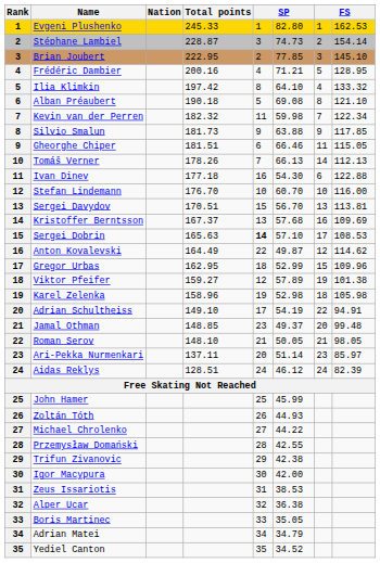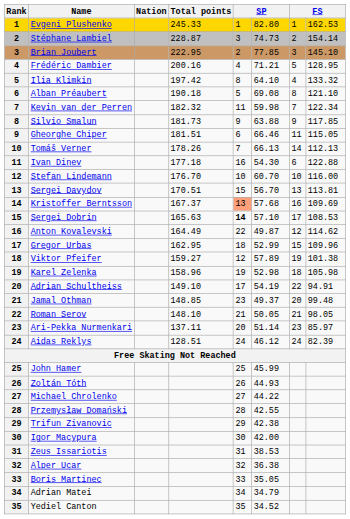 <table class="wikitable">
 <tr>
 <th>Rank</th>
 <th>Name</th>
 <th>Nation</th>
 <th>Total points</th>
 <th colspan="2" width="80px"><a href='#'>SP</a></th>
 <th colspan="2" width="80px"><a href='#'>FS</a></th>
 </tr>
 <tr bgcolor="gold">
 <td align="center"><strong>1</strong></td>
 <td><a href='#'>Evgeni Plushenko</a></td>
 <td></td>
 <td>245.33</td>
 <td>1</td>
 <td>82.80</td>
 <td>1</td>
 <td>162.53</td>
 </tr>
 <tr bgcolor="silver">
 <td align="center"><strong>2</strong></td>
 <td><a href='#'>Stéphane Lambiel</a></td>
 <td></td>
 <td>228.87</td>
 <td>3</td>
 <td>74.73</td>
 <td>2</td>
 <td>154.14</td>
 </tr>
 <tr bgcolor="cc9966">
 <td align="center"><strong>3</strong></td>
 <td><a href='#'>Brian Joubert</a></td>
 <td></td>
 <td>222.95</td>
 <td>2</td>
 <td>77.85</td>
 <td>3</td>
 <td>145.10</td>
 </tr>
 <tr>
 <th>4</th>
 <td><a href='#'>Frédéric Dambier</a></td>
 <td></td>
 <td>200.16</td>
 <td>4</td>
 <td>71.21</td>
 <td>5</td>
 <td>128.95</td>
 </tr>
 <tr>
 <th>5</th>
 <td><a href='#'>Ilia Klimkin</a></td>
 <td></td>
 <td>197.42</td>
 <td>8</td>
 <td>64.10</td>
 <td>4</td>
 <td>133.32</td>
 </tr>
 <tr>
 <th>6</th>
 <td><a href='#'>Alban Préaubert</a></td>
 <td></td>
 <td>190.18</td>
 <td>5</td>
 <td>69.08</td>
 <td>8</td>
 <td>121.10</td>
 </tr>
 <tr>
 <th>7</th>
 <td><a href='#'>Kevin van der Perren</a></td>
 <td></td>
 <td>182.32</td>
 <td>11</td>
 <td>59.98</td>
 <td>7</td>
 <td>122.34</td>
 </tr>
 <tr>
 <th>8</th>
 <td><a href='#'>Silvio Smalun</a></td>
 <td></td>
 <td>181.73</td>
 <td>9</td>
 <td>63.88</td>
 <td>9</td>
 <td>117.85</td>
 </tr>
 <tr>
 <th>9</th>
 <td><a href='#'>Gheorghe Chiper</a></td>
 <td></td>
 <td>181.51</td>
 <td>6</td>
 <td>66.46</td>
 <td>11</td>
 <td>115.05</td>
 </tr>
 <tr>
 <th>10</th>
 <td><a href='#'>Tomáš Verner</a></td>
 <td></td>
 <td>178.26</td>
 <td>7</td>
 <td>66.13</td>
 <td>14</td>
 <td>112.13</td>
 </tr>
 <tr>
 <th>11</th>
 <td><a href='#'>Ivan Dinev</a></td>
 <td></td>
 <td>177.18</td>
 <td>16</td>
 <td>54.30</td>
 <td>6</td>
 <td>122.88</td>
 </tr>
 <tr>
 <th>12</th>
 <td><a href='#'>Stefan Lindemann</a></td>
 <td></td>
 <td>176.70</td>
 <td>10</td>
 <td>60.70</td>
 <td>10</td>
 <td>116.00</td>
 </tr>
 <tr>
 <th>13</th>
 <td><a href='#'>Sergei Davydov</a></td>
 <td></td>
 <td>170.51</td>
 <td>15</td>
 <td>56.70</td>
 <td>13</td>
 <td>113.81</td>
 </tr>
 <tr>
 <th>14</th>
 <td><a href='#'>Kristoffer Berntsson</a></td>
 <td></td>
 <td>167.37</td>
-<td>13</td>
+<td style="background: lightsalmon;">13</td>
 <td>57.68</td>
 <td>16</td>
 <td>109.69</td>
 </tr>
 <tr>
 <th>15</th>
 <td><a href='#'>Sergei Dobrin</a></td>
 <td></td>
 <td>165.63</td>
 <td><strong>14</strong></td>
 <td>57.10</td>
 <td>17</td>
 <td>108.53</td>
 </tr>
 <tr>
 <th>16</th>
 <td><a href='#'>Anton Kovalevski</a></td>
 <td></td>
 <td>164.49</td>
 <td>22</td>
 <td>49.87</td>
 <td>12</td>
 <td>114.62</td>
 </tr>
 <tr>
 <th>17</th>
 <td><a href='#'>Gregor Urbas</a></td>
 <td></td>
 <td>162.95</td>
 <td>18</td>
 <td>52.99</td>
 <td>15</td>
 <td>109.96</td>
 </tr>
 <tr>
 <th>18</th>
 <td><a href='#'>Viktor Pfeifer</a></td>
 <td></td>
 <td>159.27</td>
 <td>12</td>
 <td>57.89</td>
 <td>19</td>
 <td>101.38</td>
 </tr>
 <tr>
 <th>19</th>
 <td><a href='#'>Karel Zelenka</a></td>
 <td></td>
 <td>158.96</td>
 <td>19</td>
 <td>52.98</td>
 <td>18</td>
 <td>105.98</td>
 </tr>
 <tr>
 <th>20</th>
 <td><a href='#'>Adrian Schultheiss</a></td>
 <td></td>
 <td>149.10</td>
 <td>17</td>
 <td>54.19</td>
 <td>22</td>
 <td>94.91</td>
 </tr>
 <tr>
 <th>21</th>
 <td><a href='#'>Jamal Othman</a></td>
 <td></td>
 <td>148.85</td>
 <td>23</td>
 <td>49.37</td>
 <td>20</td>
 <td>99.48</td>
 </tr>
 <tr>
 <th>22</th>
 <td><a href='#'>Roman Serov</a></td>
 <td></td>
 <td>148.10</td>
 <td>21</td>
 <td>50.05</td>
 <td>21</td>
 <td>98.05</td>
 </tr>
 <tr>
 <th>23</th>
 <td><a href='#'>Ari-Pekka Nurmenkari</a></td>
 <td></td>
 <td>137.11</td>
 <td>20</td>
 <td>51.14</td>
 <td>23</td>
 <td>85.97</td>
 </tr>
 <tr>
 <th>24</th>
 <td><a href='#'>Aidas Reklys</a></td>
 <td></td>
 <td>128.51</td>
 <td>24</td>
 <td>46.12</td>
 <td>24</td>
 <td>82.39</td>
 </tr>
 <tr>
 <th colspan=8>Free Skating Not Reached</th>
 </tr>
 <tr>
 <th>25</th>
 <td><a href='#'>John Hamer</a></td>
 <td></td>
 <td></td>
 <td>25</td>
 <td>45.99</td>
 <td></td>
 <td></td>
 </tr>
 <tr>
 <th>26</th>
 <td><a href='#'>Zoltán Tóth</a></td>
 <td></td>
 <td></td>
 <td>26</td>
 <td>44.93</td>
 <td></td>
 <td></td>
 </tr>
 <tr>
 <th>27</th>
 <td><a href='#'>Michael Chrolenko</a></td>
 <td></td>
 <td></td>
 <td>27</td>
 <td>44.22</td>
 <td></td>
 <td></td>
 </tr>
 <tr>
 <th>28</th>
 <td><a href='#'>Przemysław Domański</a></td>
 <td></td>
 <td></td>
 <td>28</td>
 <td>42.55</td>
 <td></td>
 <td></td>
 </tr>
 <tr>
 <th>29</th>
 <td><a href='#'>Trifun Zivanovic</a></td>
 <td></td>
 <td></td>
 <td>29</td>
 <td>42.38</td>
 <td></td>
 <td></td>
 </tr>
 <tr>
 <th>30</th>
 <td><a href='#'>Igor Macypura</a></td>
 <td></td>
 <td></td>
 <td>30</td>
 <td>42.00</td>
 <td></td>
 <td></td>
 </tr>
 <tr>
 <th>31</th>
 <td><a href='#'>Zeus Issariotis</a></td>
 <td></td>
 <td></td>
 <td>31</td>
 <td>38.53</td>
 <td></td>
 <td></td>
 </tr>
 <tr>
 <th>32</th>
 <td><a href='#'>Alper Uçar</a></td>
 <td></td>
 <td></td>
 <td>32</td>
 <td>36.38</td>
 <td></td>
 <td></td>
 </tr>
 <tr>
 <th>33</th>
 <td><a href='#'>Boris Martinec</a></td>
 <td></td>
 <td></td>
 <td>33</td>
 <td>35.05</td>
 <td></td>
 <td></td>
 </tr>
 <tr>
 <th>34</th>
 <td>Adrian Matei</td>
 <td></td>
 <td></td>
 <td>34</td>
 <td>34.79</td>
 <td></td>
 <td></td>
 </tr>
 <tr>
 <th>35</th>
 <td>Yediel Canton</td>
 <td></td>
 <td></td>
 <td>35</td>
 <td>34.52</td>
 <td></td>
 <td></td>
 </tr>
 </table>
